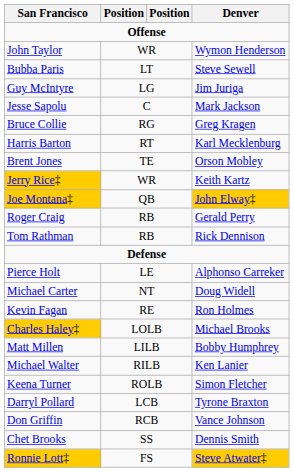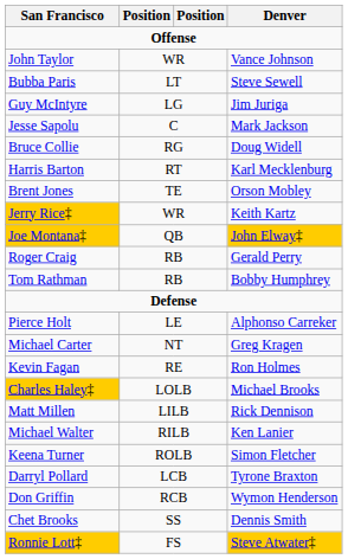 <table class="wikitable">
 <tr>
 <th width="125px">San Francisco</th>
 <th>Position</th>
 <th>Position</th>
 <th width="125px">Denver</th>
 </tr>
 <tr>
 <td colspan="4" style="text-align:center;"><strong>Offense</strong></td>
 </tr>
 <tr>
 <td><a href='#'>John Taylor</a></td>
 <td colspan="2" style="text-align:center">WR</td>
-<td><a href='#'>Wymon Henderson</a></td>
+<td><a href='#'>Vance Johnson</a></td>
 </tr>
 <tr>
 <td><a href='#'>Bubba Paris</a></td>
 <td colspan="2" style="text-align:center">LT</td>
 <td><a href='#'>Steve Sewell</a></td>
 </tr>
 <tr>
 <td><a href='#'>Guy McIntyre</a></td>
 <td colspan="2" style="text-align:center">LG</td>
 <td><a href='#'>Jim Juriga</a></td>
 </tr>
 <tr>
 <td><a href='#'>Jesse Sapolu</a></td>
 <td colspan="2" style="text-align:center">C</td>
 <td><a href='#'>Mark Jackson</a></td>
 </tr>
 <tr>
 <td><a href='#'>Bruce Collie</a></td>
 <td colspan="2" style="text-align:center">RG</td>
-<td><a href='#'>Greg Kragen</a></td>
+<td><a href='#'>Doug Widell</a></td>
 </tr>
 <tr>
 <td><a href='#'>Harris Barton</a></td>
 <td colspan="2" style="text-align:center">RT</td>
 <td><a href='#'>Karl Mecklenburg</a></td>
 </tr>
 <tr>
 <td><a href='#'>Brent Jones</a></td>
 <td colspan="2" style="text-align:center">TE</td>
 <td><a href='#'>Orson Mobley</a></td>
 </tr>
 <tr>
 <td bgcolor="#FFCC00"><a href='#'>Jerry Rice</a>‡</td>
 <td colspan="2" style="text-align:center">WR</td>
 <td><a href='#'>Keith Kartz</a></td>
 </tr>
 <tr>
 <td bgcolor="#FFCC00"><a href='#'>Joe Montana</a>‡</td>
 <td colspan="2" style="text-align:center">QB</td>
 <td bgcolor="#FFCC00"><a href='#'>John Elway</a>‡</td>
 </tr>
 <tr>
 <td><a href='#'>Roger Craig</a></td>
 <td colspan="2" style="text-align:center">RB</td>
 <td><a href='#'>Gerald Perry</a></td>
 </tr>
 <tr>
 <td><a href='#'>Tom Rathman</a></td>
 <td colspan="2" style="text-align:center">RB</td>
-<td><a href='#'>Rick Dennison</a></td>
+<td><a href='#'>Bobby Humphrey</a></td>
 </tr>
 <tr>
 <td colspan="4" style="text-align:center"><strong>Defense</strong></td>
 </tr>
 <tr>
 <td><a href='#'>Pierce Holt</a></td>
 <td colspan="2" style="text-align:center">LE</td>
 <td><a href='#'>Alphonso Carreker</a></td>
 </tr>
 <tr>
 <td><a href='#'>Michael Carter</a></td>
 <td colspan="2" style="text-align:center">NT</td>
-<td><a href='#'>Doug Widell</a></td>
+<td><a href='#'>Greg Kragen</a></td>
 </tr>
 <tr>
 <td><a href='#'>Kevin Fagan</a></td>
 <td colspan="2" style="text-align:center">RE</td>
 <td><a href='#'>Ron Holmes</a></td>
 </tr>
 <tr>
 <td bgcolor="#FFCC00"><a href='#'>Charles Haley</a>‡</td>
 <td colspan="2" style="text-align:center">LOLB</td>
 <td><a href='#'>Michael Brooks</a></td>
 </tr>
 <tr>
 <td><a href='#'>Matt Millen</a></td>
 <td colspan="2" style="text-align:center">LILB</td>
-<td><a href='#'>Bobby Humphrey</a></td>
+<td><a href='#'>Rick Dennison</a></td>
 </tr>
 <tr>
 <td><a href='#'>Michael Walter</a></td>
 <td colspan="2" style="text-align:center">RILB</td>
 <td><a href='#'>Ken Lanier</a></td>
 </tr>
 <tr>
 <td><a href='#'>Keena Turner</a></td>
 <td colspan="2" style="text-align:center">ROLB</td>
 <td><a href='#'>Simon Fletcher</a></td>
 </tr>
 <tr>
 <td><a href='#'>Darryl Pollard</a></td>
 <td colspan="2" style="text-align:center">LCB</td>
 <td><a href='#'>Tyrone Braxton</a></td>
 </tr>
 <tr>
 <td><a href='#'>Don Griffin</a></td>
 <td colspan="2" style="text-align:center">RCB</td>
-<td><a href='#'>Vance Johnson</a></td>
+<td><a href='#'>Wymon Henderson</a></td>
 </tr>
 <tr>
 <td><a href='#'>Chet Brooks</a></td>
 <td colspan="2" style="text-align:center">SS</td>
 <td><a href='#'>Dennis Smith</a></td>
 </tr>
 <tr>
 <td bgcolor="#FFCC00"><a href='#'>Ronnie Lott</a>‡</td>
 <td colspan="2" style="text-align:center">FS</td>
 <td bgcolor="#FFCC00"><a href='#'>Steve Atwater</a>‡</td>
 </tr>
 </table>
